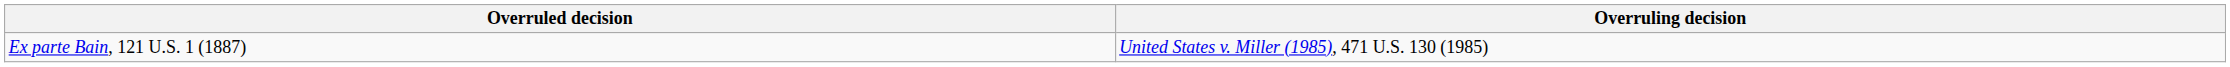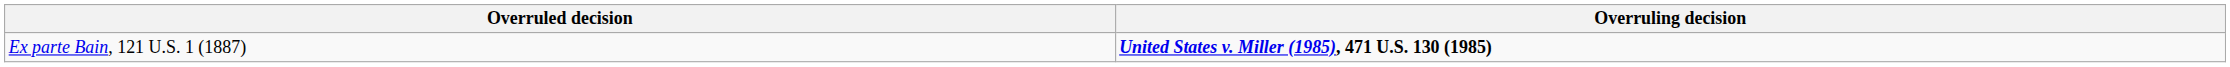 <table class="wikitable sortable collapsible" style="width:100%">
 <tr>
 <th width="50%">Overruled decision</th>
 <th width="50%">Overruling decision</th>
 </tr>
 <tr valign="top">
 <td><em><a href='#'>Ex parte Bain</a></em>, 121 U.S. 1 (1887)</td>
-<td><em><a href='#'>United States v. Miller (1985)</a></em>, 471 U.S. 130 (1985)</td>
+<td><strong><em><a href='#'>United States v. Miller (1985)</a></em>, 471 U.S. 130 (1985)</strong></td>
 </tr>
 </table>
